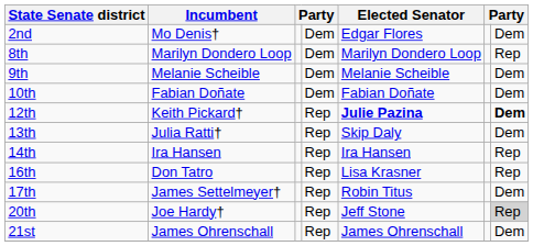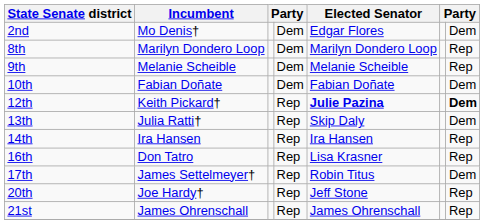 <table class="sortable wikitable" style="font-size:95%;line-height:14px;">
 <tr>
 <th class="sortable"><a href='#'>State Senate</a> district</th>
 <th class="unsortable"><a href='#'>Incumbent</a></th>
 <th colspan="2">Party</th>
 <th class="unsortable">Elected Senator</th>
 <th colspan="2">Party</th>
 </tr>
 <tr>
 <td><a href='#'>2nd</a></td>
 <td><a href='#'>Mo Denis</a>†</td>
 <td style="background:"></td>
 <td>Dem</td>
 <td><a href='#'>Edgar Flores</a></td>
 <td style="background:"></td>
 <td>Dem</td>
 </tr>
 <tr>
 <td><a href='#'>8th</a></td>
 <td><a href='#'>Marilyn Dondero Loop</a></td>
 <td style="background:"></td>
 <td>Dem</td>
 <td><a href='#'>Marilyn Dondero Loop</a></td>
 <td style="background:"></td>
 <td>Rep</td>
 </tr>
 <tr>
 <td><a href='#'>9th</a></td>
 <td><a href='#'>Melanie Scheible</a></td>
 <td style="background:"></td>
 <td>Dem</td>
 <td><a href='#'>Melanie Scheible</a></td>
 <td style="background:"></td>
-<td>Dem</td>
+<td>Rep</td>
 </tr>
 <tr>
 <td><a href='#'>10th</a></td>
 <td><a href='#'>Fabian Doñate</a></td>
 <td style="background:"></td>
 <td>Dem</td>
 <td><a href='#'>Fabian Doñate</a></td>
 <td style="background:"></td>
 <td>Dem</td>
 </tr>
 <tr>
 <td><a href='#'>12th</a></td>
 <td><a href='#'>Keith Pickard</a>†</td>
 <td style="background:"></td>
 <td>Rep</td>
 <td><strong><a href='#'>Julie Pazina</a></strong></td>
 <td style="background:"></td>
 <td><strong>Dem</strong></td>
 </tr>
 <tr>
 <td><a href='#'>13th</a></td>
 <td><a href='#'>Julia Ratti</a>†</td>
 <td style="background:"></td>
 <td>Rep</td>
 <td><a href='#'>Skip Daly</a></td>
 <td style="background:"></td>
 <td>Dem</td>
 </tr>
 <tr>
 <td><a href='#'>14th</a></td>
 <td><a href='#'>Ira Hansen</a></td>
 <td style="background:"></td>
 <td>Rep</td>
 <td><a href='#'>Ira Hansen</a></td>
 <td style="background:"></td>
 <td>Rep</td>
 </tr>
 <tr>
 <td><a href='#'>16th</a></td>
 <td><a href='#'>Don Tatro</a></td>
 <td style="background:"></td>
 <td>Rep</td>
 <td><a href='#'>Lisa Krasner</a></td>
 <td style="background:"></td>
 <td>Rep</td>
 </tr>
 <tr>
 <td><a href='#'>17th</a></td>
 <td><a href='#'>James Settelmeyer</a>†</td>
 <td style="background:"></td>
 <td>Rep</td>
 <td><a href='#'>Robin Titus</a></td>
 <td style="background:"></td>
 <td>Dem</td>
 </tr>
 <tr>
 <td><a href='#'>20th</a></td>
 <td><a href='#'>Joe Hardy</a>†</td>
 <td style="background:"></td>
 <td>Rep</td>
 <td><a href='#'>Jeff Stone</a></td>
 <td style="background:"></td>
-<td style="background: lightgrey;">Rep</td>
+<td>Rep</td>
 </tr>
 <tr>
 <td><a href='#'>21st</a></td>
 <td><a href='#'>James Ohrenschall</a></td>
 <td style="background:"></td>
 <td>Rep</td>
 <td><a href='#'>James Ohrenschall</a></td>
 <td style="background:"></td>
-<td>Dem</td>
+<td>Rep</td>
 </tr>
 <tr>
 </tr>
 </table>
